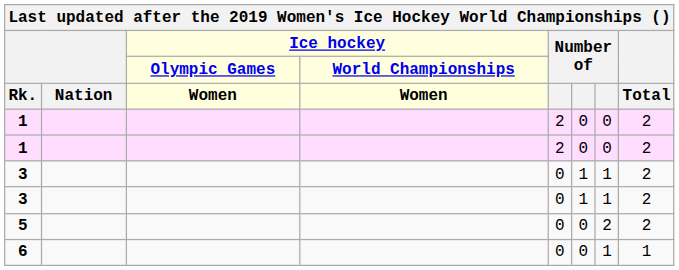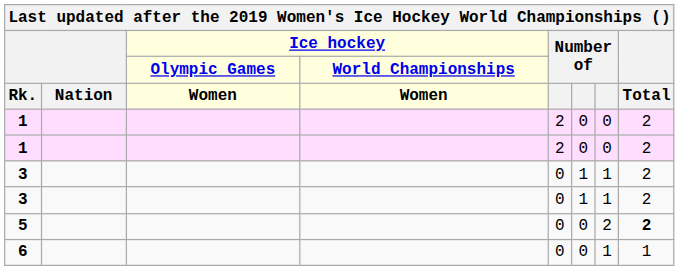 <table class="wikitable" style="margin-top: 0em; text-align: center; font-size: 100%;">
 <tr>
 <th colspan="8">Last updated after the 2019 Women's Ice Hockey World Championships ()</th>
 </tr>
 <tr>
 <th rowspan="2" colspan="2"></th>
 <th colspan="2" style="background: #ffd;"><a href='#'>Ice hockey</a></th>
 <th rowspan="2" colspan="3">Number of</th>
 <th rowspan="2"></th>
 </tr>
 <tr>
 <th style="background: #ffd;"><a href='#'>Olympic Games</a></th>
 <th style="background: #ffd;"><a href='#'>World Championships</a></th>
 </tr>
 <tr>
 <th style="width: 1em;">Rk.</th>
 <th>Nation</th>
 <th style="background: #ffd;">Women</th>
 <th style="background: #ffd;">Women</th>
 <th style="width: 1em;"></th>
 <th style="width: 1em;"></th>
 <th style="width: 1em;"></th>
 <th style="width: 1em;">Total</th>
 </tr>
 <tr style="background: #fdf;">
 <td><strong>1</strong></td>
 <td style="text-align: left;"></td>
 <td></td>
 <td></td>
 <td>2</td>
 <td>0</td>
 <td>0</td>
 <td>2</td>
 </tr>
 <tr style="background: #fdf;">
 <td><strong>1</strong></td>
 <td style="text-align: left;"></td>
 <td></td>
 <td></td>
 <td>2</td>
 <td>0</td>
 <td>0</td>
 <td>2</td>
 </tr>
 <tr>
 <td><strong>3</strong></td>
 <td style="text-align: left;"></td>
 <td></td>
 <td></td>
 <td>0</td>
 <td>1</td>
 <td>1</td>
 <td>2</td>
 </tr>
 <tr>
 <td><strong>3</strong></td>
 <td style="text-align: left;"></td>
 <td></td>
 <td></td>
 <td>0</td>
 <td>1</td>
 <td>1</td>
 <td>2</td>
 </tr>
 <tr>
 <td><strong>5</strong></td>
 <td style="text-align: left;"></td>
 <td></td>
 <td></td>
 <td>0</td>
 <td>0</td>
 <td>2</td>
-<td>2</td>
+<td><strong>2</strong></td>
 </tr>
 <tr>
 <td><strong>6</strong></td>
 <td style="text-align: left;"></td>
 <td></td>
 <td></td>
 <td>0</td>
 <td>0</td>
 <td>1</td>
 <td>1</td>
 </tr>
 </table>
